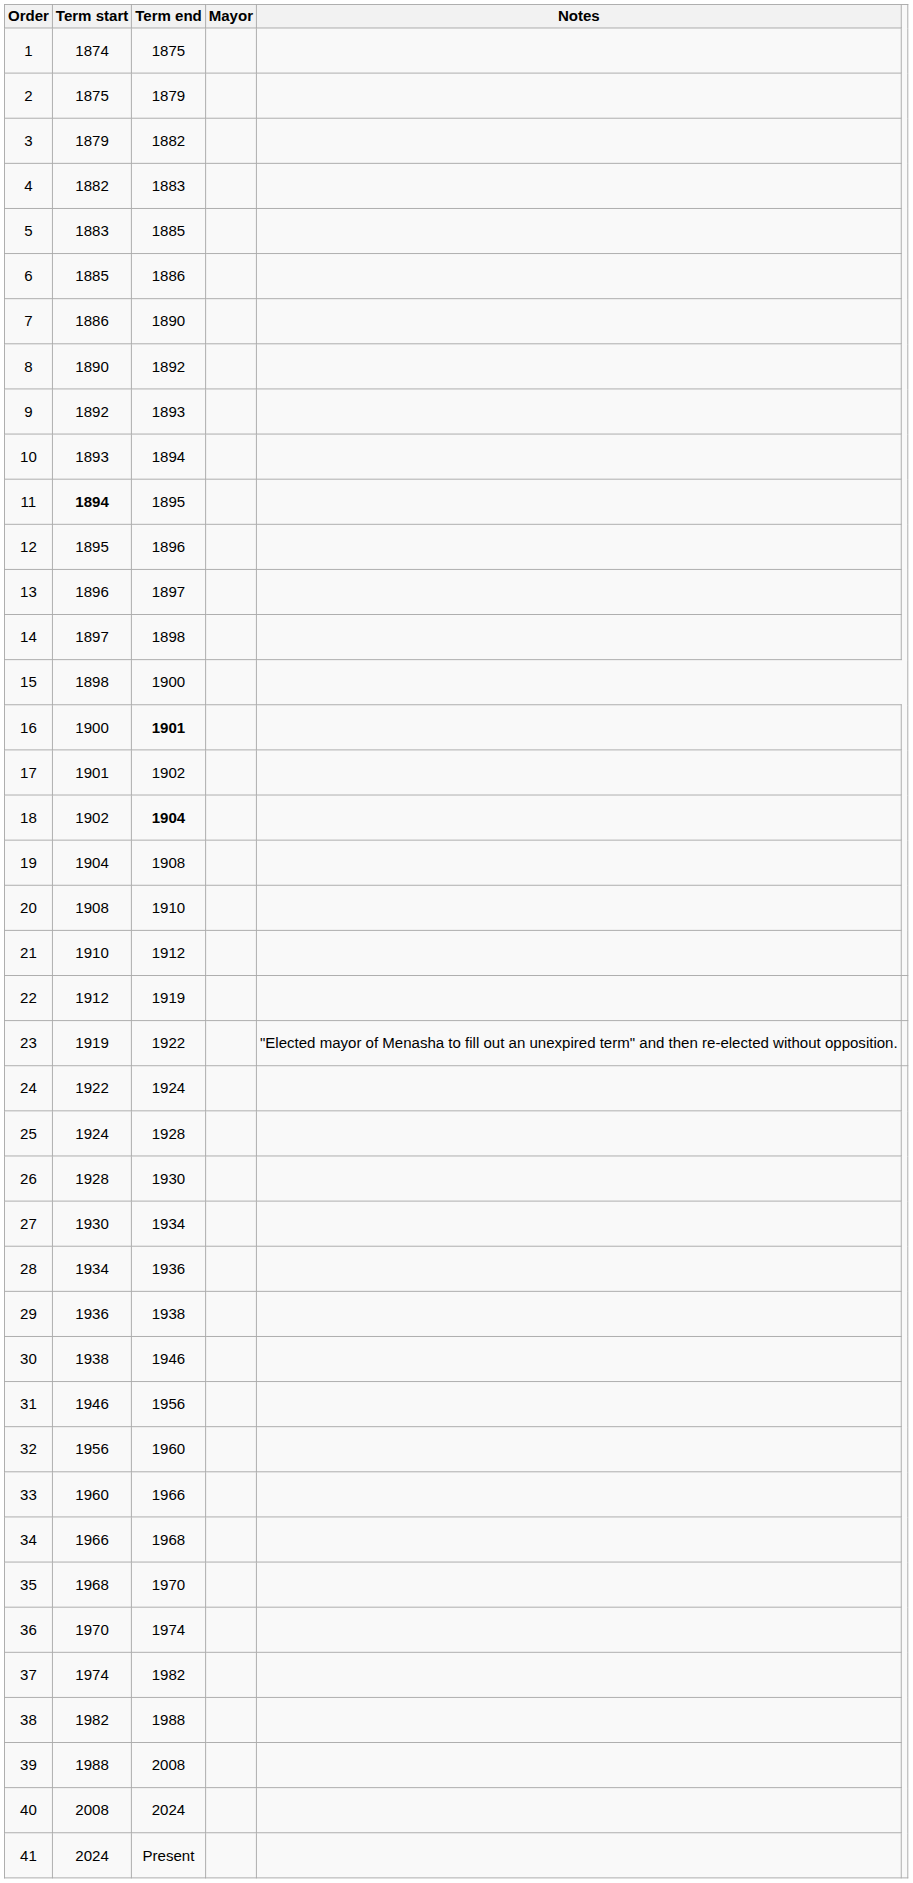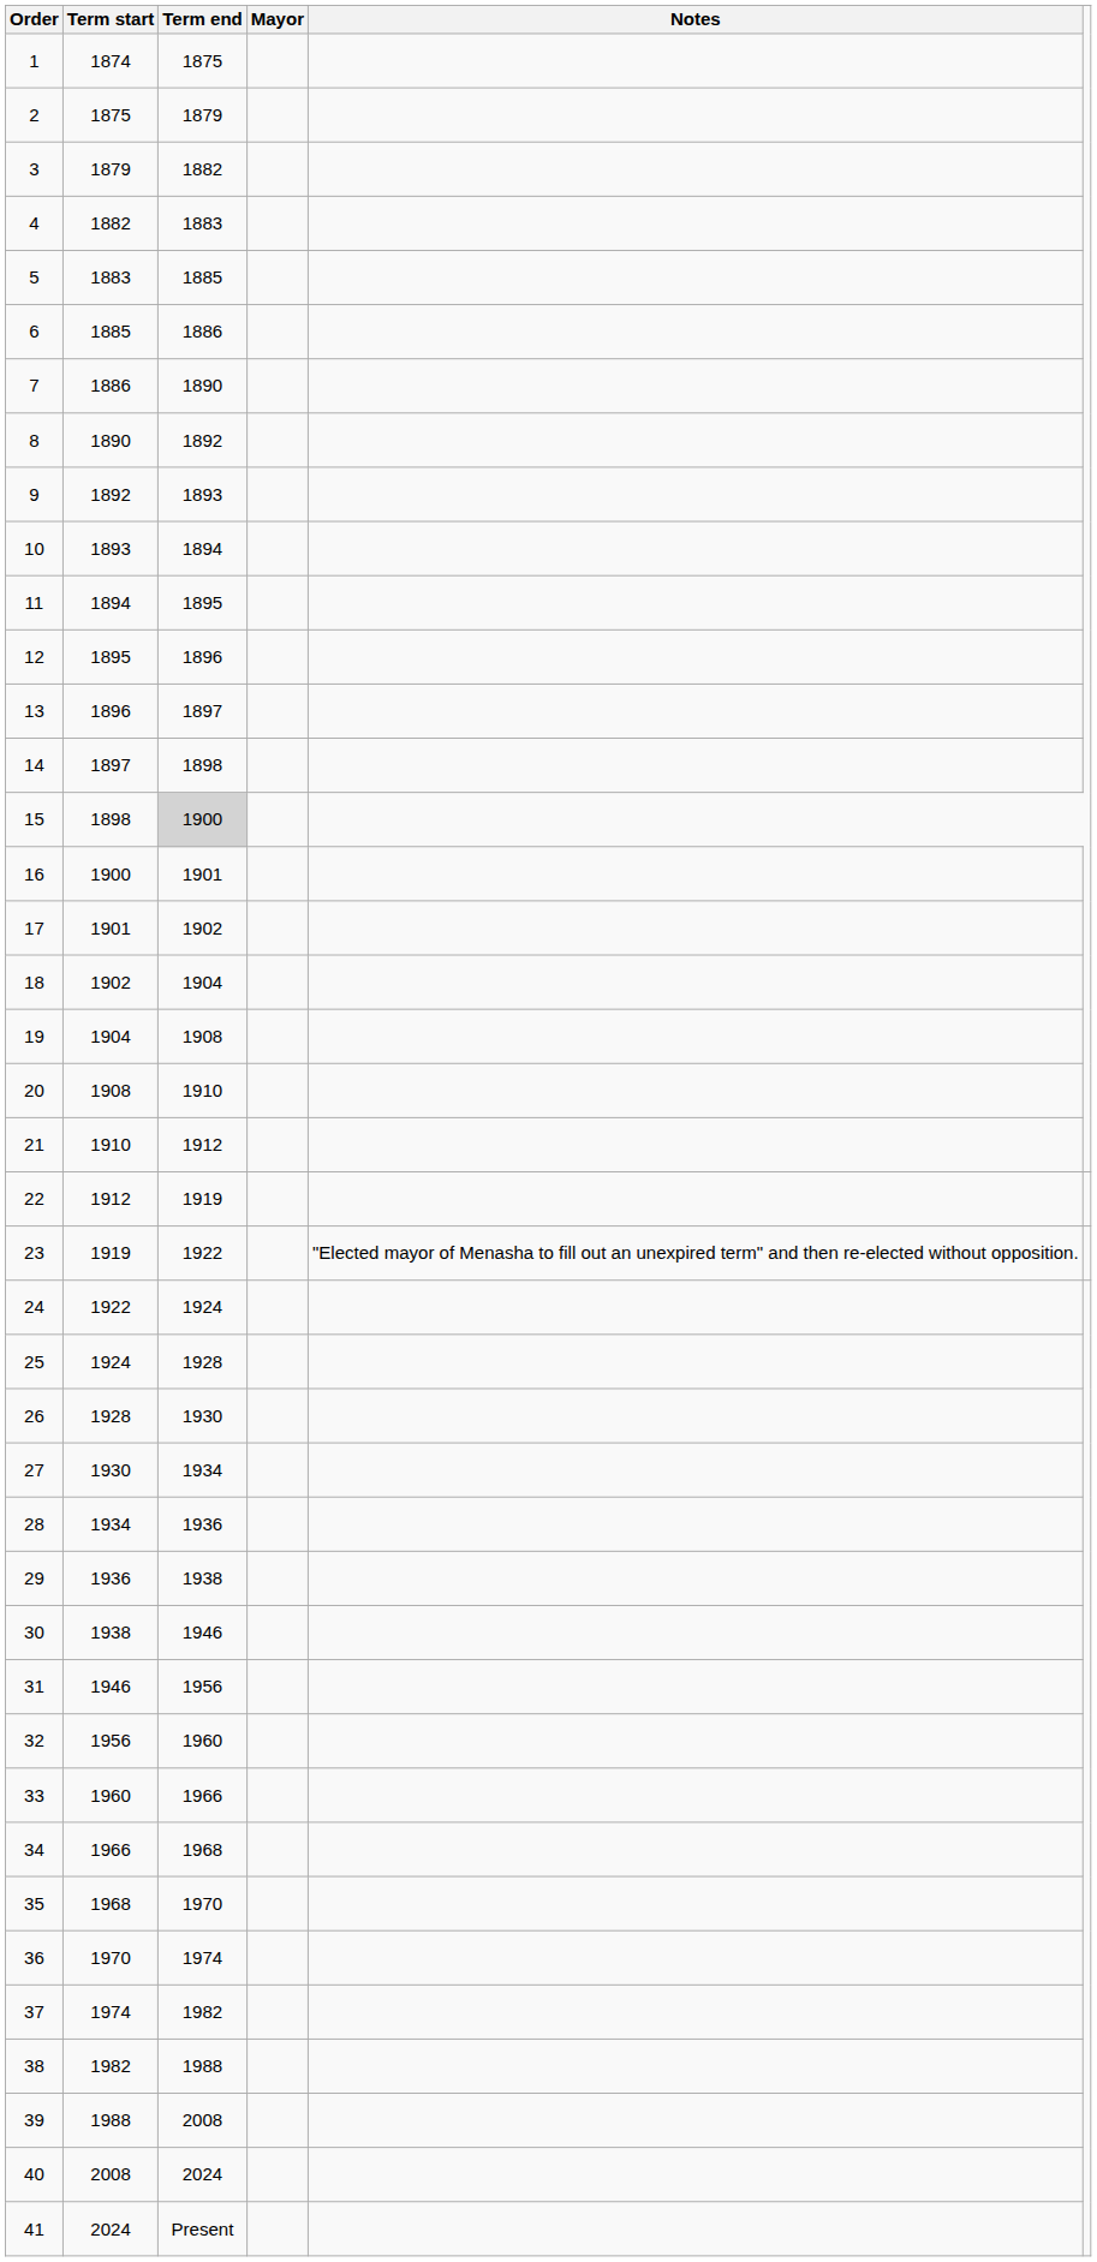 <table class="wikitable sortable mw-collapsible mw-collapsed" style="text-align:center">
 <tr>
 <th>Order</th>
 <th>Term start</th>
 <th>Term end</th>
 <th>Mayor</th>
 <th>Notes</th>
 </tr>
 <tr style="height:3em">
 <td>1</td>
 <td>1874</td>
 <td>1875</td>
 <td align=left></td>
 <td></td>
 </tr>
 <tr style="height:3em">
 <td>2</td>
 <td>1875</td>
 <td>1879</td>
 <td align=left></td>
 <td></td>
 </tr>
 <tr style="height:3em">
 <td>3</td>
 <td>1879</td>
 <td>1882</td>
 <td align=left></td>
 <td></td>
 </tr>
 <tr style="height:3em">
 <td>4</td>
 <td>1882</td>
 <td>1883</td>
 <td align=left></td>
 <td></td>
 </tr>
 <tr style="height:3em">
 <td>5</td>
 <td>1883</td>
 <td>1885</td>
 <td align=left></td>
 <td></td>
 </tr>
 <tr style="height:3em">
 <td>6</td>
 <td>1885</td>
 <td>1886</td>
 <td align=left></td>
 <td></td>
 </tr>
 <tr style="height:3em">
 <td>7</td>
 <td>1886</td>
 <td>1890</td>
 <td align=left></td>
 <td></td>
 </tr>
 <tr style="height:3em">
 <td>8</td>
 <td>1890</td>
 <td>1892</td>
 <td align=left></td>
 <td></td>
 </tr>
 <tr style="height:3em">
 <td>9</td>
 <td>1892</td>
 <td>1893</td>
 <td align=left></td>
 <td></td>
 </tr>
 <tr style="height:3em">
 <td>10</td>
 <td>1893</td>
 <td>1894</td>
 <td align=left></td>
 <td></td>
 </tr>
 <tr style="height:3em">
 <td>11</td>
-<td><strong>1894</strong></td>
+<td>1894</td>
 <td>1895</td>
 <td align=left></td>
 <td></td>
 </tr>
 <tr style="height:3em">
 <td>12</td>
 <td>1895</td>
 <td>1896</td>
 <td align=left></td>
 <td></td>
 </tr>
 <tr style="height:3em">
 <td>13</td>
 <td>1896</td>
 <td>1897</td>
 <td align=left></td>
 <td></td>
 </tr>
 <tr style="height:3em">
 <td>14</td>
 <td>1897</td>
 <td>1898</td>
 <td align=left></td>
 <td></td>
 </tr>
 <tr style="height:3em">
 <td>15</td>
 <td>1898</td>
-<td>1900</td>
+<td style="background: lightgrey;">1900</td>
 <td align=left></td>
 </tr>
 <tr style="height:3em">
 <td>16</td>
 <td>1900</td>
-<td><strong>1901</strong></td>
+<td>1901</td>
 <td align=left></td>
 <td></td>
 </tr>
 <tr style="height:3em">
 <td>17</td>
 <td>1901</td>
 <td>1902</td>
 <td align=left></td>
 <td></td>
 </tr>
 <tr style="height:3em">
 <td>18</td>
 <td>1902</td>
-<td><strong>1904</strong></td>
+<td>1904</td>
 <td align=left></td>
 <td></td>
 </tr>
 <tr style="height:3em">
 <td>19</td>
 <td>1904</td>
 <td>1908</td>
 <td align=left></td>
 <td></td>
 </tr>
 <tr style="height:3em">
 <td>20</td>
 <td>1908</td>
 <td>1910</td>
 <td align=left></td>
 <td></td>
 </tr>
 <tr style="height:3em">
 <td>21</td>
 <td>1910</td>
 <td>1912</td>
 <td align=left></td>
 <td></td>
 </tr>
 <tr style="height:3em">
 <td>22</td>
 <td>1912</td>
 <td>1919</td>
 <td align=left></td>
 <td></td>
 <td></td>
 </tr>
 <tr style="height:3em">
 <td>23</td>
 <td>1919</td>
 <td>1922</td>
 <td align=left></td>
 <td align=left>"Elected mayor of Menasha to fill out an unexpired term" and then re-elected without opposition.</td>
 <td></td>
 </tr>
 <tr style="height:3em">
 <td>24</td>
 <td>1922</td>
 <td>1924</td>
 <td align=left></td>
 <td></td>
 </tr>
 <tr style="height:3em">
 <td>25</td>
 <td>1924</td>
 <td>1928</td>
 <td align=left></td>
 <td></td>
 </tr>
 <tr style="height:3em">
 <td>26</td>
 <td>1928</td>
 <td>1930</td>
 <td align=left></td>
 <td></td>
 </tr>
 <tr style="height:3em">
 <td>27</td>
 <td>1930</td>
 <td>1934</td>
 <td align=left></td>
 <td></td>
 </tr>
 <tr style="height:3em">
 <td>28</td>
 <td>1934</td>
 <td>1936</td>
 <td align=left></td>
 <td></td>
 </tr>
 <tr style="height:3em">
 <td>29</td>
 <td>1936</td>
 <td>1938</td>
 <td align=left></td>
 <td></td>
 </tr>
 <tr style="height:3em">
 <td>30</td>
 <td>1938</td>
 <td>1946</td>
 <td align=left></td>
 <td></td>
 </tr>
 <tr style="height:3em">
 <td>31</td>
 <td>1946</td>
 <td>1956</td>
 <td align=left></td>
 <td></td>
 </tr>
 <tr style="height:3em">
 <td>32</td>
 <td>1956</td>
 <td>1960</td>
 <td align=left></td>
 <td></td>
 </tr>
 <tr style="height:3em">
 <td>33</td>
 <td>1960</td>
 <td>1966</td>
 <td align=left></td>
 <td></td>
 </tr>
 <tr style="height:3em">
 <td>34</td>
 <td>1966</td>
 <td>1968</td>
 <td align=left></td>
 <td></td>
 </tr>
 <tr style="height:3em">
 <td>35</td>
 <td>1968</td>
 <td>1970</td>
 <td align=left></td>
 <td></td>
 </tr>
 <tr style="height:3em">
 <td>36</td>
 <td>1970</td>
 <td>1974</td>
 <td align=left></td>
 <td></td>
 </tr>
 <tr style="height:3em">
 <td>37</td>
 <td>1974</td>
 <td>1982</td>
 <td align=left></td>
 <td></td>
 </tr>
 <tr style="height:3em">
 <td>38</td>
 <td>1982</td>
 <td>1988</td>
 <td align=left></td>
 <td></td>
 </tr>
 <tr style="height:3em">
 <td>39</td>
 <td>1988</td>
 <td>2008</td>
 <td align=left></td>
 <td></td>
 </tr>
 <tr style="height:3em">
 <td>40</td>
 <td>2008</td>
 <td>2024</td>
 <td align=left></td>
 <td></td>
 </tr>
 <tr style="height:3em">
 <td>41</td>
 <td>2024</td>
 <td>Present</td>
 <td align=left></td>
 <td></td>
 </tr>
 </table>
